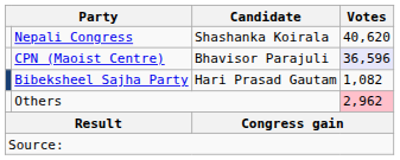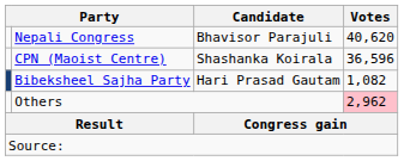 <table class="wikitable">
 <tr>
 <th colspan="2">Party</th>
 <th>Candidate</th>
 <th>Votes</th>
 </tr>
 <tr>
 <td style="background-color:"></td>
 <td><a href='#'>Nepali Congress</a></td>
-<td>Shashanka Koirala</td>
+<td>Bhavisor Parajuli</td>
 <td>40,620</td>
 </tr>
 <tr>
 <td style="background-color:"></td>
 <td><a href='#'>CPN (Maoist Centre)</a></td>
-<td>Bhavisor Parajuli</td>
-<td style="background: lavender;">36,596</td>
+<td>Shashanka Koirala</td>
+<td>36,596</td>
 </tr>
 <tr>
 <td style="background-color:#183F73"></td>
 <td><a href='#'>Bibeksheel Sajha Party</a></td>
 <td>Hari Prasad Gautam</td>
 <td>1,082</td>
 </tr>
 <tr>
 <td></td>
 <td colspan="2">Others</td>
 <td style="background: pink;">2,962</td>
 </tr>
 <tr>
 <th colspan="2">Result</th>
 <th colspan="2">Congress gain</th>
 </tr>
 <tr>
 <td colspan="4">Source: </td>
 </tr>
 </table>
